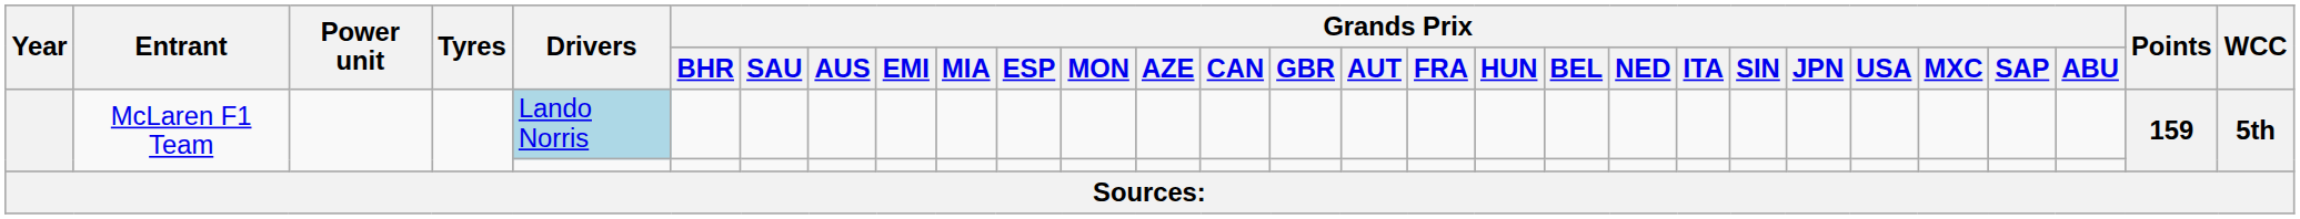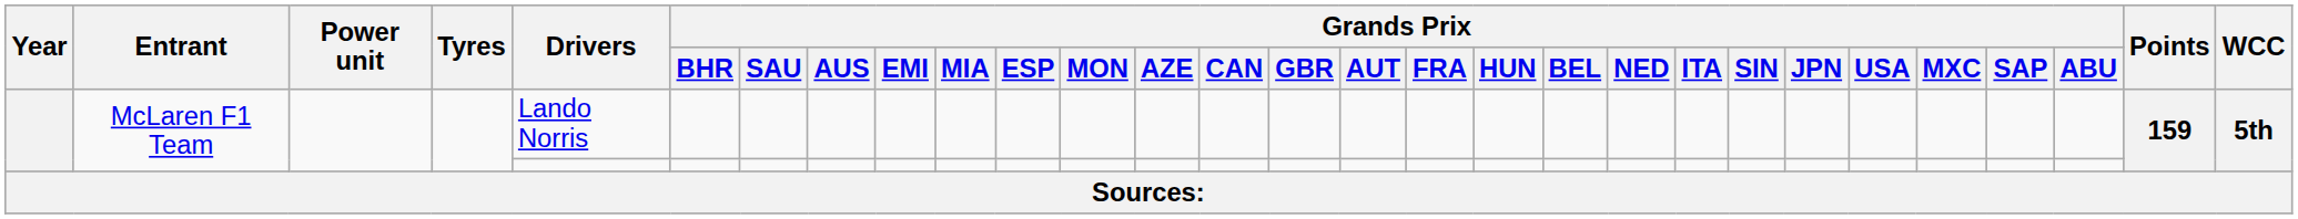 <table class="wikitable" style="text-align:center; font-size:90%">
 <tr>
 <th rowspan="2">Year</th>
 <th rowspan="2">Entrant</th>
 <th rowspan="2">Power unit</th>
 <th rowspan="2">Tyres</th>
 <th rowspan="2">Drivers</th>
 <th colspan="22">Grands Prix</th>
 <th rowspan="2">Points</th>
 <th rowspan="2">WCC</th>
 </tr>
 <tr>
 <th><a href='#'>BHR</a></th>
 <th><a href='#'>SAU</a></th>
 <th><a href='#'>AUS</a></th>
 <th><a href='#'>EMI</a></th>
 <th><a href='#'>MIA</a></th>
 <th><a href='#'>ESP</a></th>
 <th><a href='#'>MON</a></th>
 <th><a href='#'>AZE</a></th>
 <th><a href='#'>CAN</a></th>
 <th><a href='#'>GBR</a></th>
 <th><a href='#'>AUT</a></th>
 <th><a href='#'>FRA</a></th>
 <th><a href='#'>HUN</a></th>
 <th><a href='#'>BEL</a></th>
 <th><a href='#'>NED</a></th>
 <th><a href='#'>ITA</a></th>
 <th><a href='#'>SIN</a></th>
 <th><a href='#'>JPN</a></th>
 <th><a href='#'>USA</a></th>
 <th><a href='#'>MXC</a></th>
 <th><a href='#'>SAP</a></th>
 <th><a href='#'>ABU</a></th>
 </tr>
 <tr>
 <th rowspan="2"></th>
 <td rowspan="2"><a href='#'>McLaren F1 Team</a></td>
 <td rowspan="2"><br><br></td>
 <td rowspan="2"></td>
-<td align="left" style="background: lightblue;"> <a href='#'>Lando Norris</a></td>
+<td align="left"> <a href='#'>Lando Norris</a></td>
 <td></td>
 <td></td>
 <td></td>
 <td></td>
 <td></td>
 <td></td>
 <td></td>
 <td></td>
 <td></td>
 <td></td>
 <td></td>
 <td></td>
 <td></td>
 <td></td>
 <td></td>
 <td></td>
 <td></td>
 <td></td>
 <td></td>
 <td></td>
 <td></td>
 <td></td>
 <th rowspan="2">159</th>
 <th rowspan="2">5th</th>
 </tr>
 <tr>
 <td align=left></td>
 <td></td>
 <td></td>
 <td></td>
 <td></td>
 <td></td>
 <td></td>
 <td></td>
 <td></td>
 <td></td>
 <td></td>
 <td></td>
 <td></td>
 <td></td>
 <td></td>
 <td></td>
 <td></td>
 <td></td>
 <td></td>
 <td></td>
 <td></td>
 <td></td>
 <td></td>
 </tr>
 <tr>
 <th colspan="29">Sources:</th>
 </tr>
 </table>
